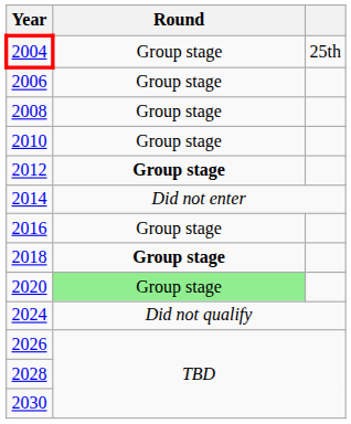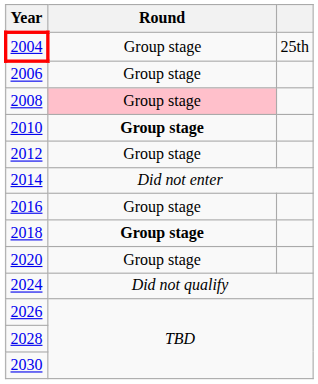 <table class="wikitable" style="text-align: center; font-size:90%">
 <tr>
 <th>Year</th>
 <th style="width:200px">Round</th>
 <th></th>
 </tr>
 <tr>
 <td style="border: 3px solid red"><a href='#'>2004</a></td>
 <td>Group stage</td>
 <td>25th</td>
 </tr>
 <tr>
 <td><a href='#'>2006</a></td>
 <td>Group stage</td>
 <td></td>
 </tr>
 <tr>
 <td><a href='#'>2008</a></td>
-<td>Group stage</td>
+<td style="background: pink;">Group stage</td>
 <td></td>
 </tr>
 <tr>
 <td><a href='#'>2010</a></td>
-<td>Group stage</td>
+<td><strong>Group stage</strong></td>
 <td></td>
 </tr>
 <tr>
 <td><a href='#'>2012</a></td>
-<td><strong>Group stage</strong></td>
+<td>Group stage</td>
 <td></td>
 </tr>
 <tr>
 <td><a href='#'>2014</a></td>
 <td colspan="2"><em>Did not enter</em></td>
 </tr>
 <tr>
 <td><a href='#'>2016</a></td>
 <td>Group stage</td>
 <td></td>
 </tr>
 <tr>
 <td><a href='#'>2018</a></td>
 <td><strong>Group stage</strong></td>
 <td></td>
 </tr>
 <tr>
 <td><a href='#'>2020</a></td>
-<td style="background: lightgreen;">Group stage</td>
+<td>Group stage</td>
 <td></td>
 </tr>
 <tr>
 <td><a href='#'>2024</a></td>
 <td colspan="2"><em>Did not qualify</em></td>
 </tr>
 <tr>
 <td><a href='#'>2026</a></td>
 <td colspan="2" rowspan="3"><em>TBD</em></td>
 </tr>
 <tr>
 <td><a href='#'>2028</a></td>
 </tr>
 <tr>
 <td><a href='#'>2030</a></td>
 </tr>
 </table>
